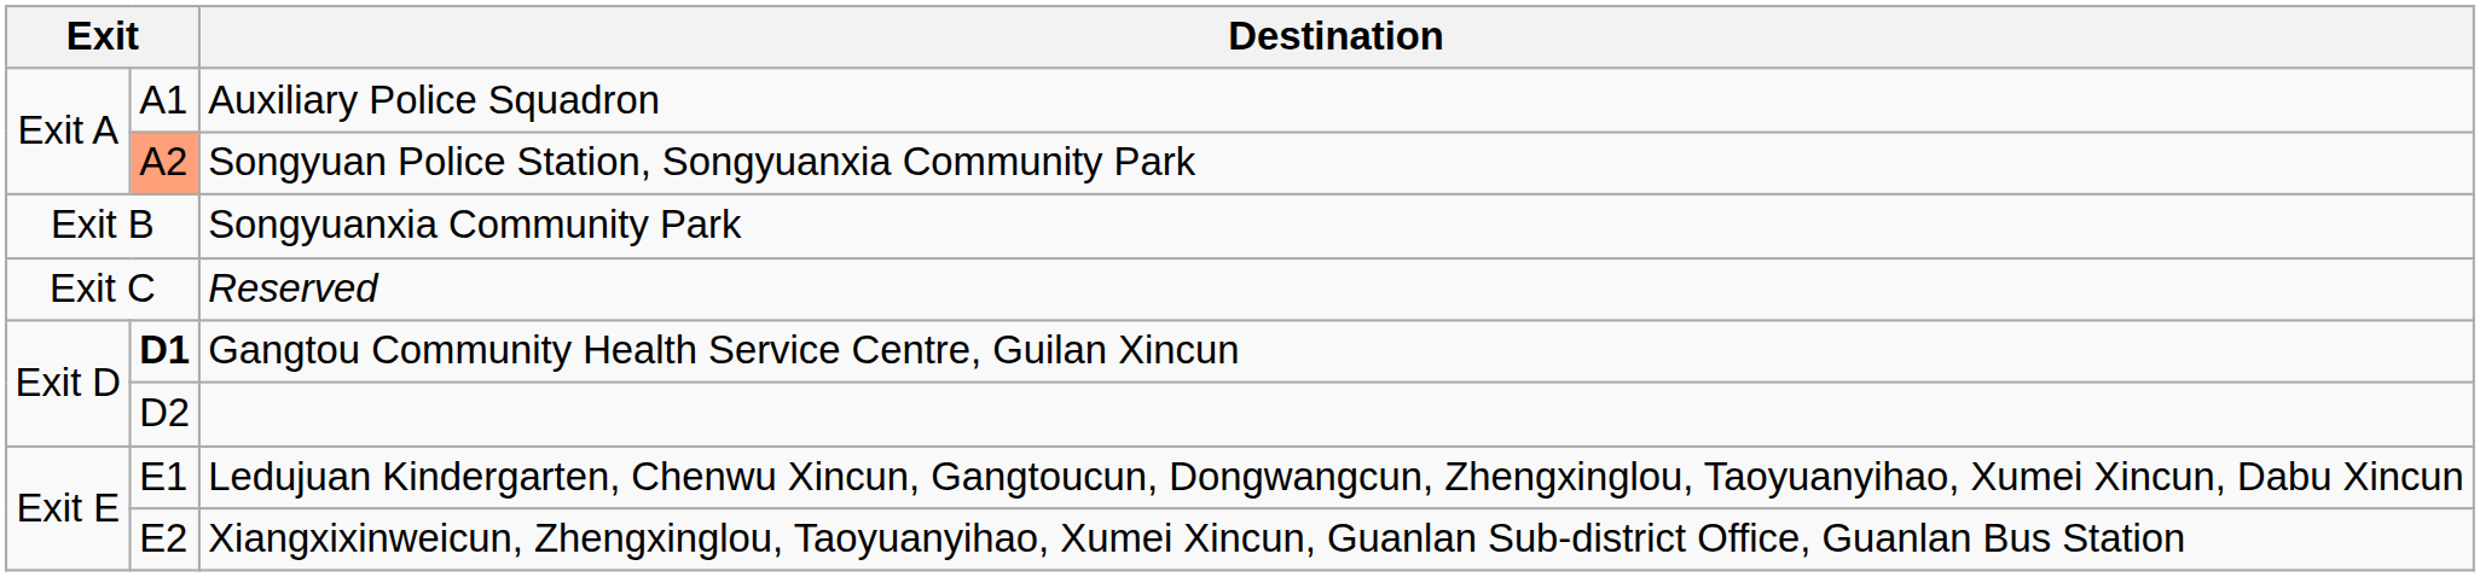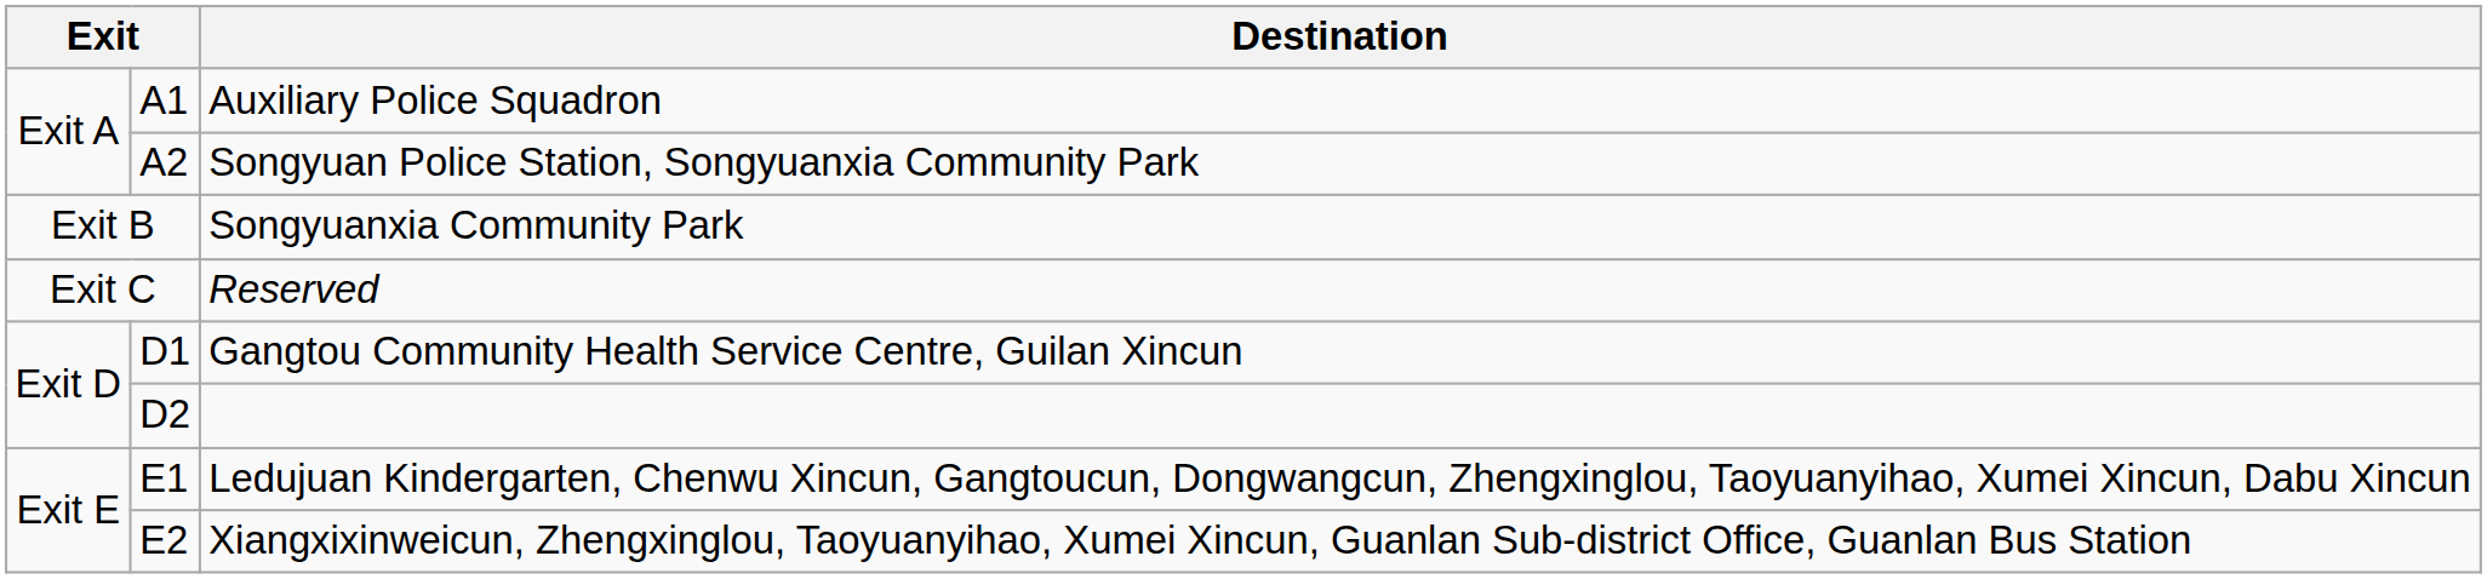 <table class="wikitable">
 <tr>
 <th style="width:70px" colspan="2">Exit</th>
 <th>Destination</th>
 </tr>
 <tr>
 <td align="center" rowspan="2">Exit A</td>
 <td>A1</td>
 <td>Auxiliary Police Squadron</td>
 </tr>
 <tr>
-<td style="background: lightsalmon;">A2</td>
+<td>A2</td>
 <td>Songyuan Police Station, Songyuanxia Community Park</td>
 </tr>
 <tr>
 <td align="center" colspan="2">Exit B</td>
 <td>Songyuanxia Community Park</td>
 </tr>
 <tr>
 <td align="center" colspan="2">Exit C</td>
 <td><em>Reserved</em></td>
 </tr>
 <tr>
 <td align="center" rowspan="2">Exit D</td>
-<td><strong>D1</strong></td>
+<td>D1</td>
 <td>Gangtou Community Health Service Centre, Guilan Xincun</td>
 </tr>
 <tr>
 <td>D2</td>
 <td></td>
 </tr>
 <tr>
 <td align="center" rowspan="2">Exit E</td>
 <td>E1</td>
 <td>Ledujuan Kindergarten, Chenwu Xincun, Gangtoucun, Dongwangcun, Zhengxinglou, Taoyuanyihao, Xumei Xincun, Dabu Xincun</td>
 </tr>
 <tr>
 <td>E2</td>
 <td>Xiangxixinweicun, Zhengxinglou, Taoyuanyihao, Xumei Xincun, Guanlan Sub-district Office, Guanlan Bus Station</td>
 </tr>
 </table>
